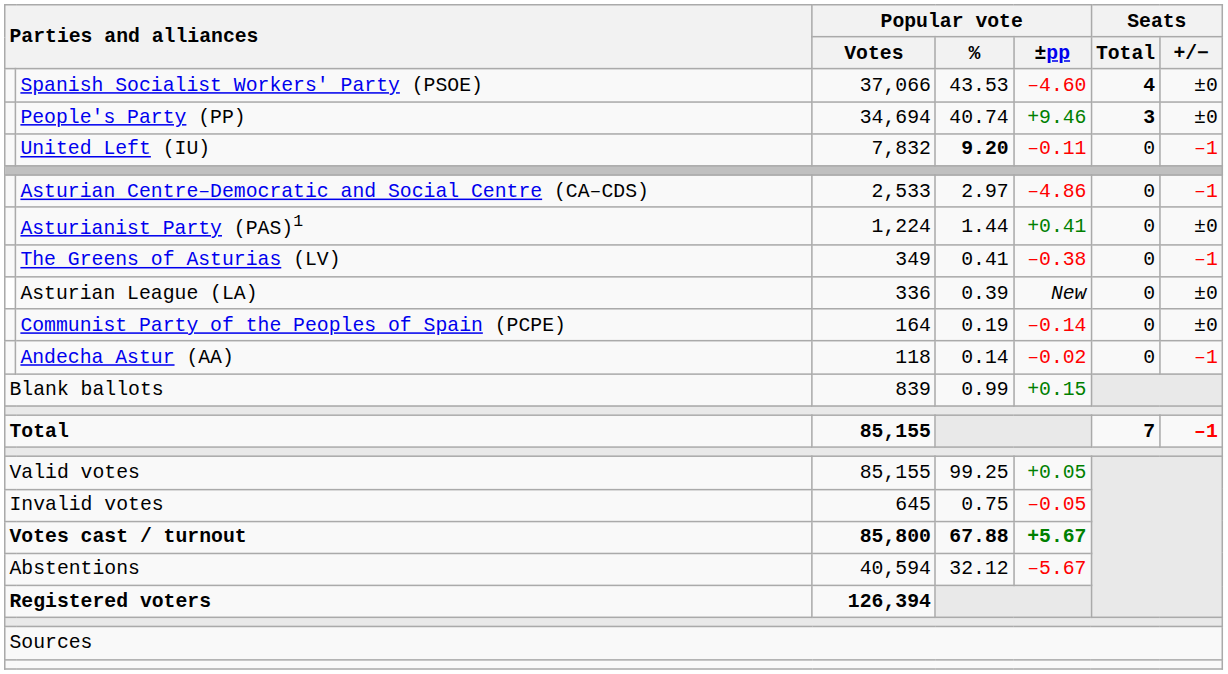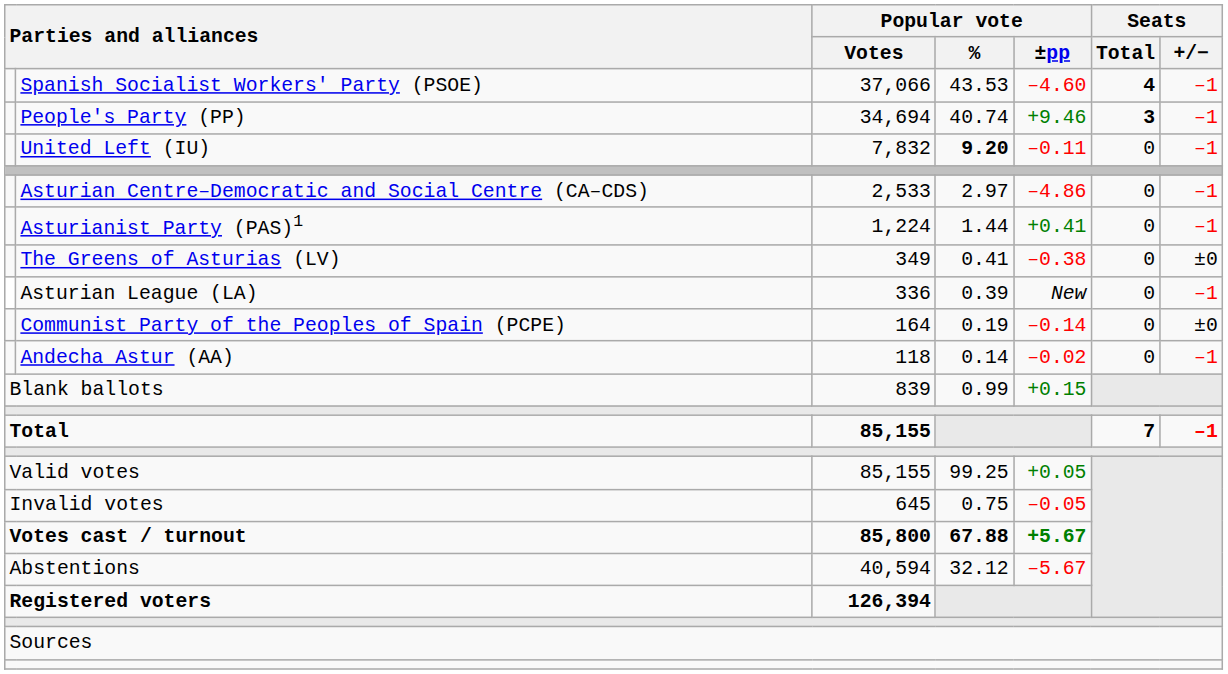 <table class="wikitable" style="text-align:right;">
 <tr>
 <th style="text-align:left;" rowspan="2" colspan="2" width="525">Parties and alliances</th>
 <th colspan="3">Popular vote</th>
 <th colspan="2">Seats</th>
 </tr>
 <tr>
 <th width="75">Votes</th>
 <th width="45">%</th>
 <th width="45">±<a href='#'>pp</a></th>
 <th width="35">Total</th>
 <th width="35">+/−</th>
 </tr>
 <tr>
 <td width="1" style="color:inherit;background:"></td>
 <td align="left"><a href='#'>Spanish Socialist Workers' Party</a> (PSOE)</td>
 <td>37,066</td>
 <td>43.53</td>
 <td style="color:red;">–4.60</td>
 <td><strong>4</strong></td>
-<td>±0</td>
+<td style="color:red;">–1</td>
 </tr>
 <tr>
 <td style="color:inherit;background:"></td>
 <td align="left"><a href='#'>People's Party</a> (PP)</td>
 <td>34,694</td>
 <td>40.74</td>
 <td style="color:green;">+9.46</td>
 <td><strong>3</strong></td>
-<td>±0</td>
+<td style="color:red;">–1</td>
 </tr>
 <tr>
 <td style="color:inherit;background:"></td>
 <td align="left"><a href='#'>United Left</a> (IU)</td>
 <td>7,832</td>
 <td><strong>9.20</strong></td>
 <td style="color:red;">–0.11</td>
 <td>0</td>
 <td style="color:red;">–1</td>
 </tr>
 <tr>
 <td colspan="7" bgcolor="#C0C0C0"></td>
 </tr>
 <tr>
 <td style="color:inherit;background:"></td>
 <td align="left"><a href='#'>Asturian Centre–Democratic and Social Centre</a> (CA–CDS)</td>
 <td>2,533</td>
 <td>2.97</td>
 <td style="color:red;">–4.86</td>
 <td>0</td>
 <td style="color:red;">–1</td>
 </tr>
 <tr>
 <td style="color:inherit;background:"></td>
 <td align="left"><a href='#'>Asturianist Party</a> (PAS)<sup>1</sup></td>
 <td>1,224</td>
 <td>1.44</td>
 <td style="color:green;">+0.41</td>
 <td>0</td>
-<td>±0</td>
+<td style="color:red;">–1</td>
 </tr>
 <tr>
 <td style="color:inherit;background:"></td>
 <td align="left"><a href='#'>The Greens of Asturias</a> (LV)</td>
 <td>349</td>
 <td>0.41</td>
 <td style="color:red;">–0.38</td>
 <td>0</td>
-<td style="color:red;">–1</td>
+<td>±0</td>
 </tr>
 <tr>
 <td bgcolor="white"></td>
 <td align="left">Asturian League (LA)</td>
 <td>336</td>
 <td>0.39</td>
 <td><em>New</em></td>
 <td>0</td>
-<td>±0</td>
+<td style="color:red;">–1</td>
 </tr>
 <tr>
 <td style="color:inherit;background:"></td>
 <td align="left"><a href='#'>Communist Party of the Peoples of Spain</a> (PCPE)</td>
 <td>164</td>
 <td>0.19</td>
 <td style="color:red;">–0.14</td>
 <td>0</td>
 <td>±0</td>
 </tr>
 <tr>
 <td style="color:inherit;background:"></td>
 <td align="left"><a href='#'>Andecha Astur</a> (AA)</td>
 <td>118</td>
 <td>0.14</td>
 <td style="color:red;">–0.02</td>
 <td>0</td>
 <td style="color:red;">–1</td>
 </tr>
 <tr>
 <td align="left" colspan="2">Blank ballots</td>
 <td>839</td>
 <td>0.99</td>
 <td style="color:green;">+0.15</td>
 <td bgcolor="#E9E9E9" colspan="2"></td>
 </tr>
 <tr>
 <td colspan="7" bgcolor="#E9E9E9"></td>
 </tr>
 <tr style="font-weight:bold;">
 <td align="left" colspan="2">Total</td>
 <td>85,155</td>
 <td bgcolor="#E9E9E9" colspan="2"></td>
 <td>7</td>
 <td style="color:red;">–1</td>
 </tr>
 <tr>
 <td colspan="7" bgcolor="#E9E9E9"></td>
 </tr>
 <tr>
 <td align="left" colspan="2">Valid votes</td>
 <td>85,155</td>
 <td>99.25</td>
 <td style="color:green;">+0.05</td>
 <td bgcolor="#E9E9E9" colspan="2" rowspan="5"></td>
 </tr>
 <tr>
 <td align="left" colspan="2">Invalid votes</td>
 <td>645</td>
 <td>0.75</td>
 <td style="color:red;">–0.05</td>
 </tr>
 <tr style="font-weight:bold;">
 <td align="left" colspan="2">Votes cast / turnout</td>
 <td>85,800</td>
 <td>67.88</td>
 <td style="color:green;">+5.67</td>
 </tr>
 <tr>
 <td align="left" colspan="2">Abstentions</td>
 <td>40,594</td>
 <td>32.12</td>
 <td style="color:red;">–5.67</td>
 </tr>
 <tr style="font-weight:bold;">
 <td align="left" colspan="2">Registered voters</td>
 <td>126,394</td>
 <td bgcolor="#E9E9E9" colspan="2"></td>
 </tr>
 <tr>
 <td colspan="7" bgcolor="#E9E9E9"></td>
 </tr>
 <tr>
 <td align="left" colspan="7">Sources</td>
 </tr>
 <tr>
 <td colspan="7" style="text-align:left; max-width:790px;"></td>
 </tr>
 </table>
